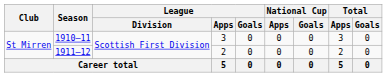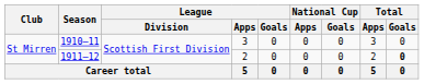 <table class="wikitable" style="text-align:center">
 <tr>
 <th rowspan="2">Club</th>
 <th rowspan="2">Season</th>
 <th colspan="3">League</th>
 <th colspan="2">National Cup</th>
 <th colspan="2">Total</th>
 </tr>
 <tr>
 <th>Division</th>
 <th>Apps</th>
 <th>Goals</th>
 <th>Apps</th>
 <th>Goals</th>
 <th>Apps</th>
 <th>Goals</th>
 </tr>
 <tr>
 <td rowspan="2"><a href='#'>St Mirren</a></td>
 <td><a href='#'>1910–11</a></td>
 <td rowspan="2"><a href='#'>Scottish First Division</a></td>
 <td>3</td>
 <td>0</td>
 <td>0</td>
 <td>0</td>
 <td>3</td>
 <td>0</td>
 </tr>
 <tr>
 <td><a href='#'>1911–12</a></td>
 <td>2</td>
 <td>0</td>
 <td>0</td>
 <td>0</td>
 <td>2</td>
-<td>0</td>
+<td><strong>0</strong></td>
 </tr>
 <tr>
 <th colspan="3">Career total</th>
 <th>5</th>
 <th>0</th>
 <th>0</th>
 <th>0</th>
 <th>5</th>
 <th>0</th>
 </tr>
 </table>
